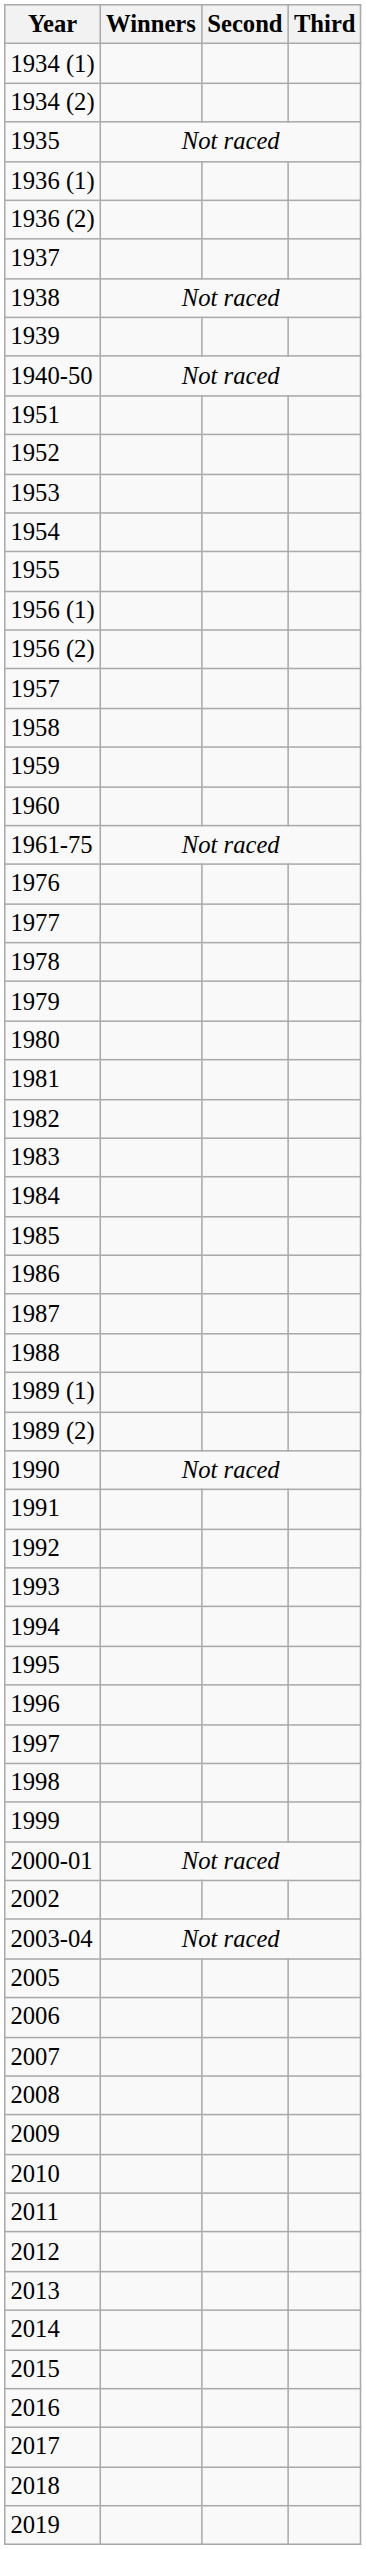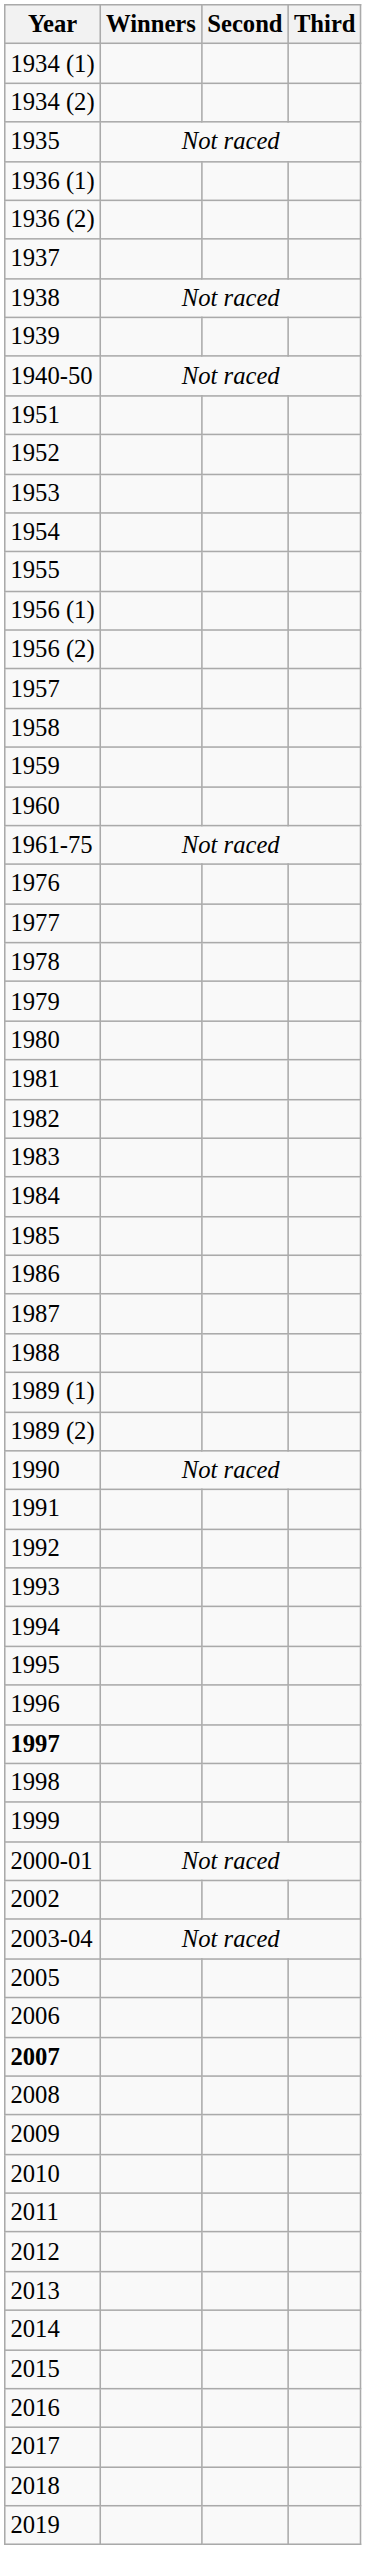 <table class="wikitable">
 <tr>
 <th>Year</th>
 <th>Winners</th>
 <th>Second</th>
 <th>Third</th>
 </tr>
 <tr>
 <td>1934 (1)</td>
 <td><br></td>
 <td><br></td>
 <td><br></td>
 </tr>
 <tr>
 <td>1934 (2)</td>
 <td><br></td>
 <td><br></td>
 <td><br></td>
 </tr>
 <tr>
 <td>1935</td>
 <td colspan=4 align=center><em>Not raced</em></td>
 </tr>
 <tr>
 <td>1936 (1)</td>
 <td><br></td>
 <td><br></td>
 <td><br></td>
 </tr>
 <tr>
 <td>1936 (2)</td>
 <td><br></td>
 <td><br></td>
 <td><br></td>
 </tr>
 <tr>
 <td>1937</td>
 <td><br></td>
 <td><br></td>
 <td><br></td>
 </tr>
 <tr>
 <td>1938</td>
 <td colspan=4 align=center><em>Not raced</em></td>
 </tr>
 <tr>
 <td>1939</td>
 <td><br></td>
 <td><br></td>
 <td><br></td>
 </tr>
 <tr>
 <td>1940-50</td>
 <td colspan=4 align=center><em>Not raced</em></td>
 </tr>
 <tr>
 <td>1951</td>
 <td><br></td>
 <td><br></td>
 <td><br></td>
 </tr>
 <tr>
 <td>1952</td>
 <td><br></td>
 <td><br></td>
 <td><br></td>
 </tr>
 <tr>
 <td>1953</td>
 <td><br></td>
 <td><br></td>
 <td><br></td>
 </tr>
 <tr>
 <td>1954</td>
 <td><br></td>
 <td><br></td>
 <td><br></td>
 </tr>
 <tr>
 <td>1955</td>
 <td><br></td>
 <td><br></td>
 <td><br></td>
 </tr>
 <tr>
 <td>1956 (1)</td>
 <td><br></td>
 <td><br></td>
 <td><br></td>
 </tr>
 <tr>
 <td>1956 (2)</td>
 <td><br></td>
 <td><br></td>
 <td><br></td>
 </tr>
 <tr>
 <td>1957</td>
 <td><br></td>
 <td><br></td>
 <td><br></td>
 </tr>
 <tr>
 <td>1958</td>
 <td><br></td>
 <td><br></td>
 <td><br></td>
 </tr>
 <tr>
 <td>1959</td>
 <td><br></td>
 <td><br></td>
 <td><br></td>
 </tr>
 <tr>
 <td>1960</td>
 <td><br></td>
 <td><br></td>
 <td><br></td>
 </tr>
 <tr>
 <td>1961-75</td>
 <td colspan=4 align=center><em>Not raced</em></td>
 </tr>
 <tr>
 <td>1976</td>
 <td><br></td>
 <td><br></td>
 <td><br></td>
 </tr>
 <tr>
 <td>1977</td>
 <td><br></td>
 <td><br></td>
 <td><br></td>
 </tr>
 <tr>
 <td>1978</td>
 <td><br></td>
 <td><br></td>
 <td><br></td>
 </tr>
 <tr>
 <td>1979</td>
 <td><br></td>
 <td><br></td>
 <td><br></td>
 </tr>
 <tr>
 <td>1980</td>
 <td><br></td>
 <td><br></td>
 <td><br></td>
 </tr>
 <tr>
 <td>1981</td>
 <td><br></td>
 <td><br></td>
 <td><br></td>
 </tr>
 <tr>
 <td>1982</td>
 <td><br></td>
 <td><br></td>
 <td><br></td>
 </tr>
 <tr>
 <td>1983</td>
 <td><br></td>
 <td><br></td>
 <td><br></td>
 </tr>
 <tr>
 <td>1984</td>
 <td><br></td>
 <td><br></td>
 <td><br></td>
 </tr>
 <tr>
 <td>1985</td>
 <td><br></td>
 <td><br></td>
 <td><br></td>
 </tr>
 <tr>
 <td>1986</td>
 <td><br></td>
 <td><br></td>
 <td><br></td>
 </tr>
 <tr>
 <td>1987</td>
 <td><br></td>
 <td><br></td>
 <td><br></td>
 </tr>
 <tr>
 <td>1988</td>
 <td><br></td>
 <td><br></td>
 <td><br></td>
 </tr>
 <tr>
 <td>1989 (1)</td>
 <td><br></td>
 <td><br></td>
 <td><br></td>
 </tr>
 <tr>
 <td>1989 (2)</td>
 <td><br></td>
 <td><br></td>
 <td><br></td>
 </tr>
 <tr>
 <td>1990</td>
 <td colspan=4 align=center><em>Not raced</em></td>
 </tr>
 <tr>
 <td>1991</td>
 <td><br></td>
 <td><br></td>
 <td><br></td>
 </tr>
 <tr>
 <td>1992</td>
 <td><br></td>
 <td><br></td>
 <td><br></td>
 </tr>
 <tr>
 <td>1993</td>
 <td><br></td>
 <td><br></td>
 <td><br></td>
 </tr>
 <tr>
 <td>1994</td>
 <td><br></td>
 <td><br></td>
 <td><br></td>
 </tr>
 <tr>
 <td>1995</td>
 <td><br></td>
 <td><br></td>
 <td><br></td>
 </tr>
 <tr>
 <td>1996</td>
 <td><br></td>
 <td><br></td>
 <td><br></td>
 </tr>
 <tr>
-<td>1997</td>
+<td><strong>1997</strong></td>
 <td><br></td>
 <td><br></td>
 <td><br></td>
 </tr>
 <tr>
 <td>1998</td>
 <td><br></td>
 <td><br></td>
 <td><br></td>
 </tr>
 <tr>
 <td>1999</td>
 <td><br></td>
 <td><br></td>
 <td><br></td>
 </tr>
 <tr>
 <td>2000-01</td>
 <td colspan=4 align=center><em>Not raced</em></td>
 </tr>
 <tr>
 <td>2002</td>
 <td><br></td>
 <td><br></td>
 <td><br></td>
 </tr>
 <tr>
 <td>2003-04</td>
 <td colspan=4 align=center><em>Not raced</em></td>
 </tr>
 <tr>
 <td>2005</td>
 <td><br></td>
 <td><br></td>
 <td><br></td>
 </tr>
 <tr>
 <td>2006</td>
 <td><br></td>
 <td><br></td>
 <td><br></td>
 </tr>
 <tr>
-<td>2007</td>
+<td><strong>2007</strong></td>
 <td><br></td>
 <td><br></td>
 <td><br></td>
 </tr>
 <tr>
 <td>2008</td>
 <td><br></td>
 <td><br></td>
 <td><br></td>
 </tr>
 <tr>
 <td>2009</td>
 <td><br></td>
 <td><br></td>
 <td><br></td>
 </tr>
 <tr>
 <td>2010</td>
 <td><br></td>
 <td><br></td>
 <td><br></td>
 </tr>
 <tr>
 <td>2011</td>
 <td><br></td>
 <td><br></td>
 <td><br></td>
 </tr>
 <tr>
 <td>2012</td>
 <td><br></td>
 <td><br></td>
 <td><br></td>
 </tr>
 <tr>
 <td>2013</td>
 <td><br></td>
 <td><br></td>
 <td><br></td>
 </tr>
 <tr>
 <td>2014</td>
 <td><br></td>
 <td><br></td>
 <td><br></td>
 </tr>
 <tr>
 <td>2015</td>
 <td><br></td>
 <td><br></td>
 <td><br></td>
 </tr>
 <tr>
 <td>2016</td>
 <td><br></td>
 <td><br></td>
 <td><br></td>
 </tr>
 <tr>
 <td>2017</td>
 <td><br></td>
 <td><br></td>
 <td><br></td>
 </tr>
 <tr>
 <td>2018</td>
 <td><br></td>
 <td><br></td>
 <td><br></td>
 </tr>
 <tr>
 <td>2019</td>
 <td><br></td>
 <td><br></td>
 <td><br></td>
 </tr>
 </table>
